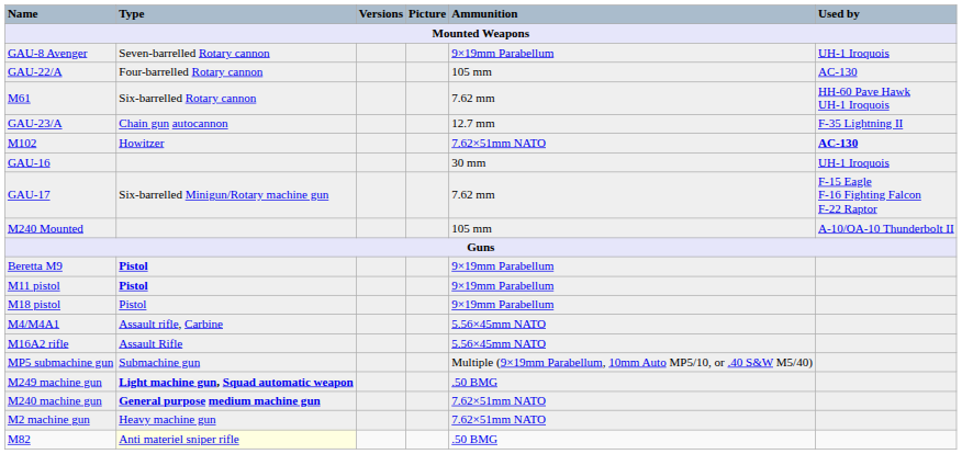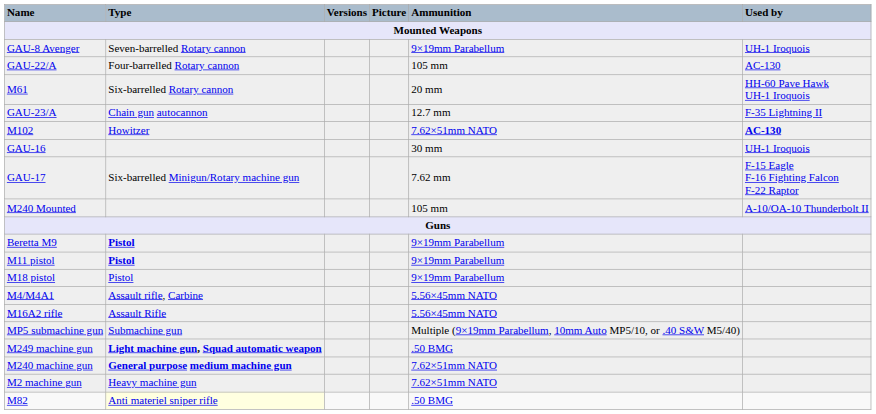 <table class="wikitable">
 <tr>
 <th style="text-align: left; background: #aabccc;">Name</th>
 <th style="text-align: left; background: #aabccc;">Type</th>
 <th style="text-align: left; background: #aabccc;">Versions</th>
 <th style="text-align: left; background: #aabccc;">Picture</th>
 <th style="text-align: left; background: #aabccc;">Ammunition</th>
 <th style="text-align: left; background: #aabccc;">Used by</th>
 </tr>
 <tr ---->
 <th style="align: center; background: lavender;" colspan="7">Mounted Weapons</th>
 </tr>
 <tr style="background:#efefef; color:black">
 <td><a href='#'>GAU-8 Avenger</a></td>
 <td>Seven-barrelled <a href='#'>Rotary cannon</a></td>
 <td></td>
 <td></td>
 <td><a href='#'>9×19mm Parabellum</a></td>
 <td><a href='#'>UH-1 Iroquois</a></td>
 </tr>
 <tr style="background:#efefef; color:black">
 <td><a href='#'>GAU-22/A</a></td>
 <td>Four-barrelled <a href='#'>Rotary cannon</a></td>
 <td></td>
 <td></td>
 <td>105 mm</td>
 <td><a href='#'>AC-130</a></td>
 </tr>
 <tr style="background:#efefef; color:black">
 <td><a href='#'>M61</a></td>
 <td>Six-barrelled  <a href='#'>Rotary cannon</a></td>
 <td></td>
 <td></td>
-<td>7.62 mm</td>
+<td>20 mm</td>
 <td><a href='#'>HH-60 Pave Hawk</a><br><a href='#'>UH-1 Iroquois</a></td>
 </tr>
 <tr style="background:#efefef; color:black">
 <td><a href='#'>GAU-23/A</a></td>
 <td><a href='#'>Chain gun</a> <a href='#'>autocannon</a></td>
 <td></td>
 <td></td>
 <td>12.7 mm</td>
 <td><a href='#'>F-35 Lightning II</a></td>
 </tr>
 <tr style="background:#efefef; color:black">
 <td><a href='#'>M102</a></td>
 <td><a href='#'>Howitzer</a></td>
 <td></td>
 <td></td>
 <td><a href='#'>7.62×51mm NATO</a></td>
 <td><strong><a href='#'>AC-130</a></strong></td>
 </tr>
 <tr style="background:#efefef; color:black">
 <td><a href='#'>GAU-16</a></td>
 <td></td>
 <td></td>
 <td></td>
 <td>30 mm</td>
 <td><a href='#'>UH-1 Iroquois</a></td>
 </tr>
 <tr style="background:#efefef; color:black">
 <td><a href='#'>GAU-17</a></td>
 <td>Six-barrelled <a href='#'>Minigun/Rotary machine gun</a></td>
 <td></td>
 <td></td>
 <td>7.62 mm</td>
 <td><a href='#'>F-15 Eagle</a><br><a href='#'>F-16 Fighting Falcon</a><br><a href='#'>F-22 Raptor</a></td>
 </tr>
 <tr style="background:#efefef; color:black">
 <td><a href='#'>M240 Mounted</a></td>
 <td></td>
 <td></td>
 <td></td>
 <td>105 mm</td>
 <td><a href='#'>A-10/OA-10 Thunderbolt II</a></td>
 </tr>
 <tr ---->
 <th style="align: center; background: lavender;" colspan="7">Guns</th>
 </tr>
 <tr style="background:#efefef; color:black">
 <td><a href='#'>Beretta M9</a></td>
 <td><strong><a href='#'>Pistol</a></strong></td>
 <td></td>
 <td></td>
 <td><a href='#'>9×19mm Parabellum</a></td>
 <td></td>
 </tr>
 <tr style="background:#efefef; color:black">
 <td><a href='#'>M11 pistol</a></td>
 <td><strong><a href='#'>Pistol</a></strong></td>
 <td></td>
 <td></td>
 <td><a href='#'>9×19mm Parabellum</a></td>
 <td></td>
 </tr>
 <tr style="background:#efefef; color:black">
 <td><a href='#'>M18 pistol</a></td>
 <td><a href='#'>Pistol</a></td>
 <td></td>
 <td></td>
 <td><a href='#'>9×19mm Parabellum</a></td>
 <td></td>
 </tr>
 <tr style="background:#efefef; color:black">
 <td><a href='#'>M4/M4A1</a></td>
 <td><a href='#'>Assault rifle</a>, <a href='#'>Carbine</a></td>
 <td></td>
 <td> </td>
 <td><a href='#'>5.56×45mm NATO</a></td>
 <td></td>
 </tr>
 <tr style="background:#efefef; color:black">
 <td><a href='#'>M16A2 rifle</a></td>
 <td><a href='#'>Assault Rifle</a></td>
 <td></td>
 <td></td>
 <td><a href='#'>5.56×45mm NATO</a></td>
 <td></td>
 </tr>
 <tr style="background:#efefef; color:black">
 <td><a href='#'>MP5 submachine gun</a></td>
 <td><a href='#'>Submachine gun</a></td>
 <td></td>
 <td></td>
 <td>Multiple (<a href='#'>9×19mm Parabellum</a>, <a href='#'>10mm Auto</a> MP5/10, or <a href='#'>.40 S&W</a> M5/40)</td>
 <td></td>
 </tr>
 <tr style="background:#efefef; color:black">
 <td><a href='#'>M249 machine gun</a></td>
 <td><strong><a href='#'>Light machine gun</a>, <a href='#'>Squad automatic weapon</a></strong></td>
 <td></td>
 <td></td>
 <td><a href='#'>.50 BMG</a></td>
 <td></td>
 </tr>
 <tr style="background:#efefef; color:black">
 <td><a href='#'>M240 machine gun</a></td>
 <td><strong><a href='#'>General purpose</a> <a href='#'>medium machine gun</a></strong></td>
 <td></td>
 <td></td>
 <td><a href='#'>7.62×51mm NATO</a></td>
 <td></td>
 </tr>
 <tr style="background:#efefef; color:black">
 <td><a href='#'>M2 machine gun</a></td>
 <td><a href='#'>Heavy machine gun</a></td>
 <td></td>
 <td></td>
 <td><a href='#'>7.62×51mm NATO</a></td>
 <td></td>
 </tr>
 <tr>
 <td><a href='#'>M82</a></td>
 <td style="background: lightyellow;"><a href='#'>Anti materiel sniper rifle</a></td>
 <td></td>
 <td></td>
 <td><a href='#'>.50 BMG</a></td>
 <td></td>
 </tr>
 </table>
